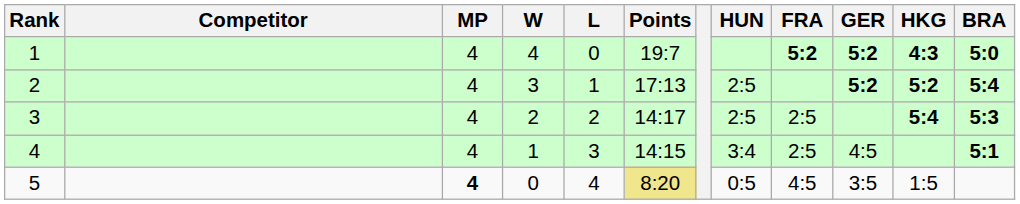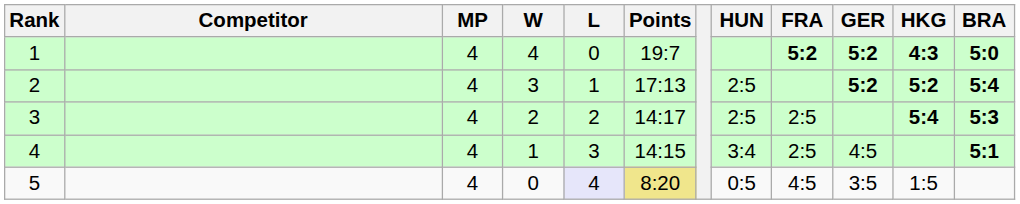 <table class="wikitable" style="text-align:center">
 <tr>
 <th>Rank</th>
 <th style="width:18em">Competitor</th>
 <th style="width:2.5em">MP</th>
 <th style="width:2.5em">W</th>
 <th style="width:2.5em">L</th>
 <th>Points</th>
 <th rowspan="6"> </th>
 <th style="width:2.5em">HUN</th>
 <th style="width:2.5em">FRA</th>
 <th style="width:2.5em">GER</th>
 <th style="width:2.5em">HKG</th>
 <th style="width:2.5em">BRA</th>
 </tr>
 <tr style="background:#cfc;">
 <td>1</td>
 <td style="text-align:left"></td>
 <td>4</td>
 <td>4</td>
 <td>0</td>
 <td>19:7</td>
 <td></td>
 <td><strong>5:2</strong></td>
 <td><strong>5:2</strong></td>
 <td><strong>4:3</strong></td>
 <td><strong>5:0</strong></td>
 </tr>
 <tr style="background:#cfc;">
 <td>2</td>
 <td style="text-align:left"></td>
 <td>4</td>
 <td>3</td>
 <td>1</td>
 <td>17:13</td>
 <td>2:5</td>
 <td></td>
 <td><strong>5:2</strong></td>
 <td><strong>5:2</strong></td>
 <td><strong>5:4</strong></td>
 </tr>
 <tr style="background:#cfc;">
 <td>3</td>
 <td style="text-align:left"></td>
 <td>4</td>
 <td>2</td>
 <td>2</td>
 <td>14:17</td>
 <td>2:5</td>
 <td>2:5</td>
 <td></td>
 <td><strong>5:4</strong></td>
 <td><strong>5:3</strong></td>
 </tr>
 <tr style="background:#cfc;">
 <td>4</td>
 <td style="text-align:left"></td>
 <td>4</td>
 <td>1</td>
 <td>3</td>
 <td>14:15</td>
 <td>3:4</td>
 <td>2:5</td>
 <td>4:5</td>
 <td></td>
 <td><strong>5:1</strong></td>
 </tr>
 <tr>
 <td>5</td>
 <td style="text-align:left"></td>
-<td><strong>4</strong></td>
+<td>4</td>
 <td>0</td>
-<td>4</td>
+<td style="background: lavender;">4</td>
 <td style="background: khaki;">8:20</td>
 <td>0:5</td>
 <td>4:5</td>
 <td>3:5</td>
 <td>1:5</td>
 <td></td>
 </tr>
 </table>
